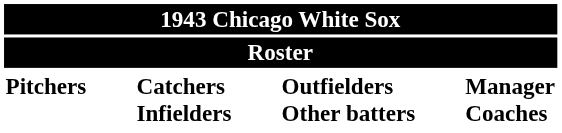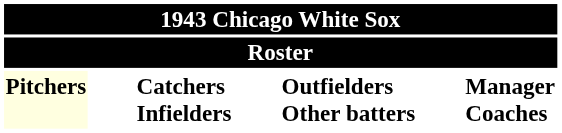 <table class="toccolours" style="font-size: 95%;">
 <tr>
 <th colspan="10" style="background-color: black; color: white; text-align: center;">1943 Chicago White Sox</th>
 </tr>
 <tr>
 <td colspan="10" style="background-color: black; color: white; text-align: center;"><strong>Roster</strong></td>
 </tr>
 <tr>
-<td valign="top"><strong>Pitchers</strong><br>          </td>
+<td valign="top" style="background: lightyellow;"><strong>Pitchers</strong><br>          </td>
 <td width="25px"></td>
 <td valign="top"><strong>Catchers</strong><br>   <strong>Infielders</strong>          </td>
 <td width="25px"></td>
 <td valign="top"><strong>Outfielders</strong><br>    <strong>Other batters</strong> </td>
 <td width="25px"></td>
 <td valign="top"><strong>Manager</strong><br> <strong>Coaches</strong>   </td>
 </tr>
 </table>
